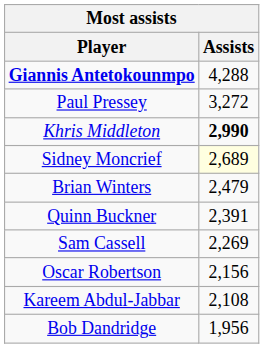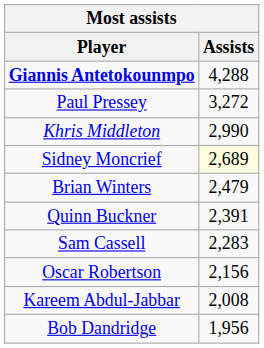 <table class="wikitable sortable" style="text-align:center">
 <tr>
 <th colspan="5">Most assists</th>
 </tr>
 <tr>
 <th>Player</th>
 <th>Assists</th>
 </tr>
 <tr>
 <td><strong><a href='#'>Giannis Antetokounmpo</a></strong></td>
 <td>4,288</td>
 </tr>
 <tr>
 <td><a href='#'>Paul Pressey</a></td>
 <td>3,272</td>
 </tr>
 <tr>
 <td><em><a href='#'>Khris Middleton</a></em></td>
-<td><strong>2,990</strong></td>
+<td>2,990</td>
 </tr>
 <tr>
 <td><a href='#'>Sidney Moncrief</a></td>
 <td style="background: lightyellow;">2,689</td>
 </tr>
 <tr>
 <td><a href='#'>Brian Winters</a></td>
 <td>2,479</td>
 </tr>
 <tr>
 <td><a href='#'>Quinn Buckner</a></td>
 <td>2,391</td>
 </tr>
 <tr>
 <td><a href='#'>Sam Cassell</a></td>
-<td>2,269</td>
+<td>2,283</td>
 </tr>
 <tr>
 <td><a href='#'>Oscar Robertson</a></td>
 <td>2,156</td>
 </tr>
 <tr>
 <td><a href='#'>Kareem Abdul-Jabbar</a></td>
-<td>2,108</td>
+<td>2,008</td>
 </tr>
 <tr>
 <td><a href='#'>Bob Dandridge</a></td>
 <td>1,956</td>
 </tr>
 </table>
